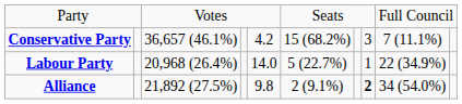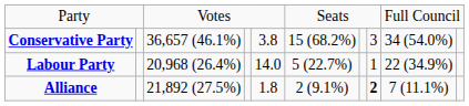 <table class=wikitable style="text-align:center;">
 <tr>
 <td colspan=2>Party</td>
 <td colspan=3>Votes</td>
 <td colspan=3>Seats</td>
 <td colspan=3>Full Council</td>
 </tr>
 <tr>
 <td><strong><a href='#'>Conservative Party</a></strong></td>
 <td style="background:"></td>
 <td>36,657 (46.1%)</td>
 <td></td>
-<td> 4.2</td>
+<td> 3.8</td>
 <td>15 (68.2%)</td>
 <td></td>
 <td> 3</td>
-<td>7 (11.1%)</td>
+<td>34 (54.0%)</td>
 <td></td>
 </tr>
 <tr>
 <td><strong><a href='#'>Labour Party</a></strong></td>
 <td style="background:"></td>
 <td>20,968 (26.4%)</td>
 <td></td>
 <td> 14.0</td>
 <td>5 (22.7%)</td>
 <td></td>
 <td> 1</td>
 <td>22 (34.9%)</td>
 <td></td>
 </tr>
 <tr>
 <td><strong><a href='#'>Alliance</a></strong></td>
 <td style="background:"></td>
 <td>21,892 (27.5%)</td>
 <td></td>
-<td> 9.8</td>
+<td> 1.8</td>
 <td>2 (9.1%)</td>
 <td></td>
 <td><strong> 2</strong></td>
-<td>34 (54.0%)</td>
+<td>7 (11.1%)</td>
 <td></td>
 </tr>
 </table>
